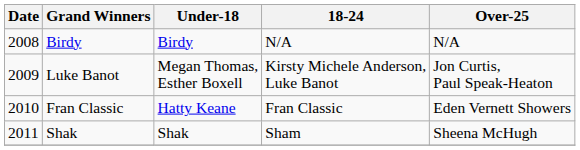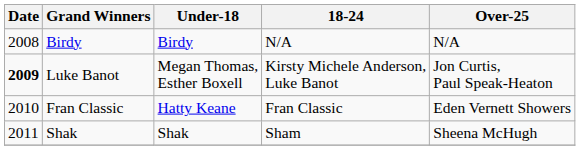 <table class="wikitable">
 <tr>
 <th>Date</th>
 <th>Grand Winners</th>
 <th>Under-18</th>
 <th>18-24</th>
 <th>Over-25</th>
 </tr>
 <tr>
 <td>2008</td>
 <td><a href='#'>Birdy</a></td>
 <td><a href='#'>Birdy</a></td>
 <td>N/A</td>
 <td>N/A</td>
 </tr>
 <tr>
-<td>2009</td>
+<td><strong>2009</strong></td>
 <td>Luke Banot</td>
 <td>Megan Thomas,<br>Esther Boxell</td>
 <td>Kirsty Michele Anderson,<br>Luke Banot</td>
 <td>Jon Curtis,<br>Paul Speak-Heaton</td>
 </tr>
 <tr>
 <td>2010</td>
 <td>Fran Classic</td>
 <td><a href='#'>Hatty Keane</a></td>
 <td>Fran Classic</td>
 <td>Eden Vernett Showers</td>
 </tr>
 <tr>
 <td>2011</td>
 <td>Shak</td>
 <td>Shak</td>
 <td>Sham</td>
 <td>Sheena McHugh</td>
 </tr>
 <tr>
 </tr>
 </table>
